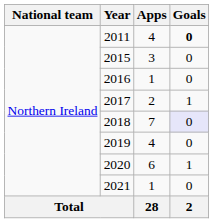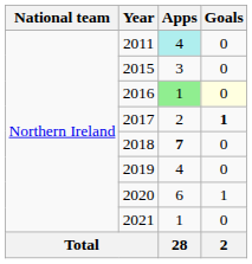 <table class="wikitable" style="text-align: center">
 <tr>
 <th>National team</th>
 <th>Year</th>
 <th>Apps</th>
 <th>Goals</th>
 </tr>
 <tr>
 <td rowspan="8"><a href='#'>Northern Ireland</a></td>
 <td>2011</td>
-<td>4</td>
-<td><strong>0</strong></td>
+<td style="background: paleturquoise;">4</td>
+<td>0</td>
 </tr>
 <tr>
 <td>2015</td>
 <td>3</td>
 <td>0</td>
 </tr>
 <tr>
 <td>2016</td>
-<td>1</td>
-<td>0</td>
+<td style="background: lightgreen;">1</td>
+<td style="background: lightyellow;">0</td>
 </tr>
 <tr>
 <td>2017</td>
 <td>2</td>
-<td>1</td>
+<td><strong>1</strong></td>
 </tr>
 <tr>
 <td>2018</td>
-<td>7</td>
-<td style="background: lavender;">0</td>
+<td><strong>7</strong></td>
+<td>0</td>
 </tr>
 <tr>
 <td>2019</td>
 <td>4</td>
 <td>0</td>
 </tr>
 <tr>
 <td>2020</td>
 <td>6</td>
 <td>1</td>
 </tr>
 <tr>
 <td>2021</td>
 <td>1</td>
 <td>0</td>
 </tr>
 <tr>
 <th colspan="2">Total</th>
 <th>28</th>
 <th>2</th>
 </tr>
 </table>
